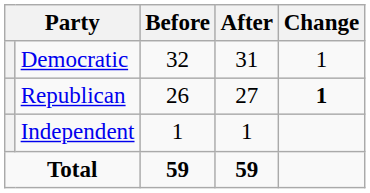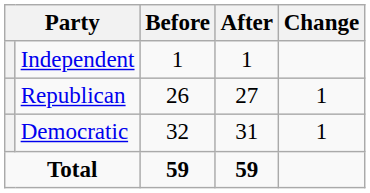 <table class="wikitable" style="text-align:center;">
 <tr>
 <th colspan="2">Party</th>
 <th>Before</th>
 <th>After</th>
 <th>Change</th>
 </tr>
 <tr>
 <th style="background-color:"></th>
-<td style="text-align:left;"><a href='#'>Democratic</a></td>
-<td>32</td>
-<td>31</td>
-<td> 1</td>
+<td style="text-align:left;"><a href='#'>Independent</a></td>
+<td>1</td>
+<td>1</td>
+<td></td>
 </tr>
 <tr>
 <th style="background-color:"></th>
 <td style="text-align:left;"><a href='#'>Republican</a></td>
 <td>26</td>
 <td>27</td>
-<td><strong> 1</strong></td>
+<td> 1</td>
 </tr>
 <tr>
 <th style="background-color:"></th>
-<td style="text-align:left;"><a href='#'>Independent</a></td>
-<td>1</td>
-<td>1</td>
-<td></td>
+<td style="text-align:left;"><a href='#'>Democratic</a></td>
+<td>32</td>
+<td>31</td>
+<td> 1</td>
 </tr>
 <tr>
 <td colspan="2"><strong>Total</strong></td>
 <td><strong>59</strong></td>
 <td><strong>59</strong></td>
 <td></td>
 </tr>
 </table>
